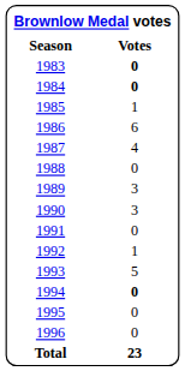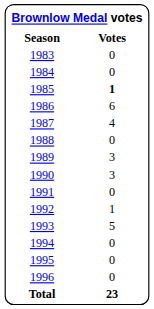 <table table style="margin-right: 4px; margin-top: 8px; float: right; border: 1px #000000 solid; border-radius: 8px; background: #FFFFFF; font-family: Verdana; font-size: 8pt; text-align: center;">
 <tr style="background:#FFFFFF;">
 <td colspan=2; style="padding: 3px; margin-bottom: -3px; margin-top: 2px; font-family: Arial; background:#FFFFFF;"><strong><a href='#'>Brownlow Medal</a> votes</strong></td>
 </tr>
 <tr>
 <th width=50%>Season</th>
 <th width=50%>Votes</th>
 </tr>
 <tr>
 <td><a href='#'>1983</a></td>
-<td><strong>0</strong></td>
+<td>0</td>
 </tr>
 <tr>
 <td><a href='#'>1984</a></td>
-<td><strong>0</strong></td>
+<td>0</td>
 </tr>
 <tr>
 <td><a href='#'>1985</a></td>
-<td>1</td>
+<td><strong>1</strong></td>
 </tr>
 <tr>
 <td><a href='#'>1986</a></td>
 <td>6</td>
 </tr>
 <tr>
 <td><a href='#'>1987</a></td>
 <td>4</td>
 </tr>
 <tr>
 <td><a href='#'>1988</a></td>
 <td>0</td>
 </tr>
 <tr>
 <td><a href='#'>1989</a></td>
 <td>3</td>
 </tr>
 <tr>
 <td><a href='#'>1990</a></td>
 <td>3</td>
 </tr>
 <tr>
 <td><a href='#'>1991</a></td>
 <td>0</td>
 </tr>
 <tr>
 <td><a href='#'>1992</a></td>
 <td>1</td>
 </tr>
 <tr>
 <td><a href='#'>1993</a></td>
 <td>5</td>
 </tr>
 <tr>
 <td><a href='#'>1994</a></td>
-<td><strong>0</strong></td>
+<td>0</td>
 </tr>
 <tr>
 <td><a href='#'>1995</a></td>
 <td>0</td>
 </tr>
 <tr>
 <td><a href='#'>1996</a></td>
 <td>0</td>
 </tr>
 <tr>
 <td><strong>Total</strong></td>
 <td><strong>23</strong></td>
 </tr>
 </table>
